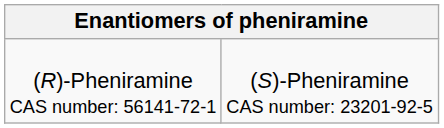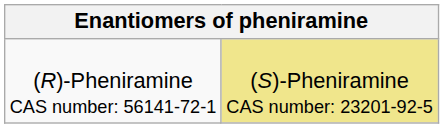 <table class="wikitable" style="text-align:center">
 <tr class="hintergrundfarbe6">
 <th colspan="2">Enantiomers of pheniramine</th>
 </tr>
 <tr>
 <td><br>(<em>R</em>)-Pheniramine<br><small> CAS number: 56141-72-1</small></td>
-<td><br>(<em>S</em>)-Pheniramine<br><small> CAS number: 23201-92-5</small></td>
+<td style="background: khaki;"><br>(<em>S</em>)-Pheniramine<br><small> CAS number: 23201-92-5</small></td>
 </tr>
 </table>
